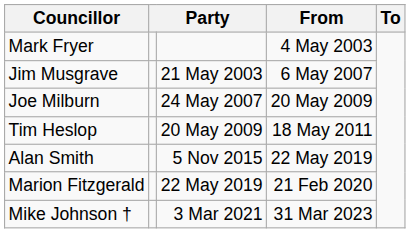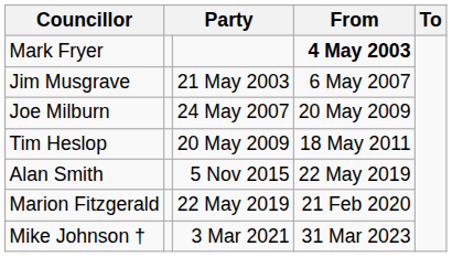 <table class=wikitable>
 <tr>
 <th>Councillor</th>
 <th colspan=2>Party</th>
 <th>From</th>
 <th>To</th>
 </tr>
 <tr>
 <td>Mark Fryer</td>
 <td></td>
 <td></td>
-<td align=right>4 May 2003</td>
+<td align=right><strong>4 May 2003</strong></td>
 </tr>
 <tr>
 <td>Jim Musgrave</td>
 <td></td>
 <td align=right>21 May 2003</td>
 <td align=right>6 May 2007</td>
 </tr>
 <tr>
 <td>Joe Milburn</td>
 <td></td>
 <td align=right>24 May 2007</td>
 <td align=right>20 May 2009</td>
 </tr>
 <tr>
 <td>Tim Heslop</td>
 <td></td>
 <td align=right>20 May 2009</td>
 <td align=right>18 May 2011</td>
 </tr>
 <tr>
 <td>Alan Smith</td>
 <td></td>
 <td align=right>5 Nov 2015</td>
 <td align=right>22 May 2019</td>
 </tr>
 <tr>
 <td>Marion Fitzgerald</td>
 <td></td>
 <td align=right>22 May 2019</td>
 <td align=right>21 Feb 2020</td>
 </tr>
 <tr>
 <td>Mike Johnson †</td>
 <td></td>
 <td align=right>3 Mar 2021</td>
 <td align=right>31 Mar 2023</td>
 </tr>
 </table>
